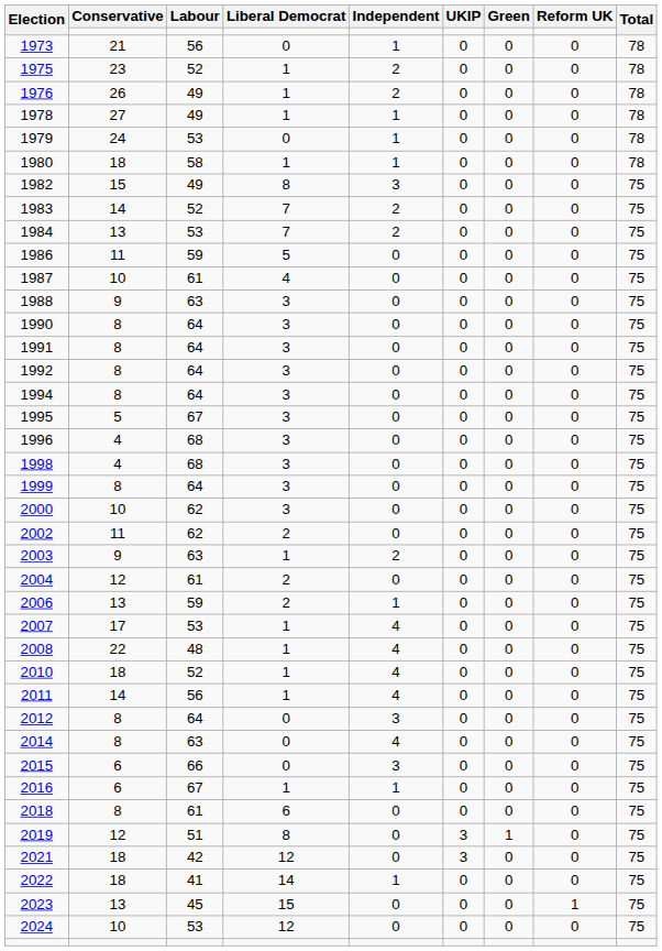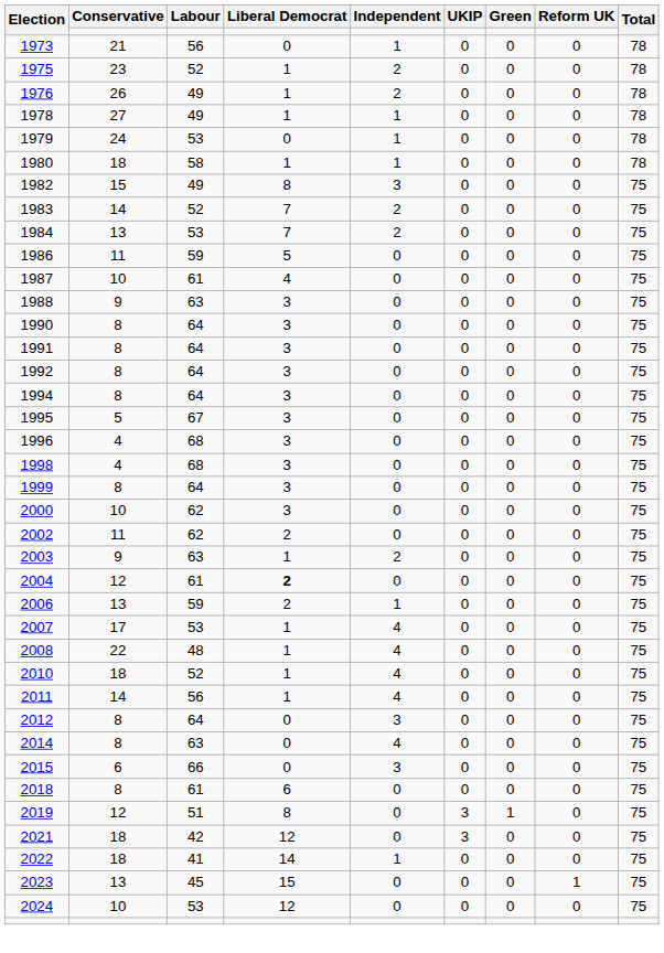 <table class="wikitable" style="text-align: center">
 <tr>
 <th rowspan="2">Election</th>
 <th>Conservative</th>
 <th>Labour</th>
 <th>Liberal Democrat</th>
 <th>Independent</th>
 <th>UKIP</th>
 <th>Green</th>
 <th>Reform UK</th>
 <th rowspan="2">Total</th>
 </tr>
 <tr>
 <td style="background-color: "></td>
 <td style="background-color: "></td>
 <td style="background-color: "></td>
 <td style="background-color: "></td>
 <td style="background-color: "></td>
 <td style="background-color: "></td>
 <td style="background-color: "></td>
 </tr>
 <tr>
 <td><a href='#'>1973</a></td>
 <td>21</td>
 <td>56</td>
 <td>0</td>
 <td>1</td>
 <td>0</td>
 <td>0</td>
 <td>0</td>
 <td>78</td>
 </tr>
 <tr>
 <td><a href='#'>1975</a></td>
 <td>23</td>
 <td>52</td>
 <td>1</td>
 <td>2</td>
 <td>0</td>
 <td>0</td>
 <td>0</td>
 <td>78</td>
 </tr>
 <tr>
 <td><a href='#'>1976</a></td>
 <td>26</td>
 <td>49</td>
 <td>1</td>
 <td>2</td>
 <td>0</td>
 <td>0</td>
 <td>0</td>
 <td>78</td>
 </tr>
 <tr>
 <td>1978</td>
 <td>27</td>
 <td>49</td>
 <td>1</td>
 <td>1</td>
 <td>0</td>
 <td>0</td>
 <td>0</td>
 <td>78</td>
 </tr>
 <tr>
 <td>1979</td>
 <td>24</td>
 <td>53</td>
 <td>0</td>
 <td>1</td>
 <td>0</td>
 <td>0</td>
 <td>0</td>
 <td>78</td>
 </tr>
 <tr>
 <td>1980</td>
 <td>18</td>
 <td>58</td>
 <td>1</td>
 <td>1</td>
 <td>0</td>
 <td>0</td>
 <td>0</td>
 <td>78</td>
 </tr>
 <tr>
 <td>1982</td>
 <td>15</td>
 <td>49</td>
 <td>8</td>
 <td>3</td>
 <td>0</td>
 <td>0</td>
 <td>0</td>
 <td>75</td>
 </tr>
 <tr>
 <td>1983</td>
 <td>14</td>
 <td>52</td>
 <td>7</td>
 <td>2</td>
 <td>0</td>
 <td>0</td>
 <td>0</td>
 <td>75</td>
 </tr>
 <tr>
 <td>1984</td>
 <td>13</td>
 <td>53</td>
 <td>7</td>
 <td>2</td>
 <td>0</td>
 <td>0</td>
 <td>0</td>
 <td>75</td>
 </tr>
 <tr>
 <td>1986</td>
 <td>11</td>
 <td>59</td>
 <td>5</td>
 <td>0</td>
 <td>0</td>
 <td>0</td>
 <td>0</td>
 <td>75</td>
 </tr>
 <tr>
 <td>1987</td>
 <td>10</td>
 <td>61</td>
 <td>4</td>
 <td>0</td>
 <td>0</td>
 <td>0</td>
 <td>0</td>
 <td>75</td>
 </tr>
 <tr>
 <td>1988</td>
 <td>9</td>
 <td>63</td>
 <td>3</td>
 <td>0</td>
 <td>0</td>
 <td>0</td>
 <td>0</td>
 <td>75</td>
 </tr>
 <tr>
 <td>1990</td>
 <td>8</td>
 <td>64</td>
 <td>3</td>
 <td>0</td>
 <td>0</td>
 <td>0</td>
 <td>0</td>
 <td>75</td>
 </tr>
 <tr>
 <td>1991</td>
 <td>8</td>
 <td>64</td>
 <td>3</td>
 <td>0</td>
 <td>0</td>
 <td>0</td>
 <td>0</td>
 <td>75</td>
 </tr>
 <tr>
 <td>1992</td>
 <td>8</td>
 <td>64</td>
 <td>3</td>
 <td>0</td>
 <td>0</td>
 <td>0</td>
 <td>0</td>
 <td>75</td>
 </tr>
 <tr>
 <td>1994</td>
 <td>8</td>
 <td>64</td>
 <td>3</td>
 <td>0</td>
 <td>0</td>
 <td>0</td>
 <td>0</td>
 <td>75</td>
 </tr>
 <tr>
 <td>1995</td>
 <td>5</td>
 <td>67</td>
 <td>3</td>
 <td>0</td>
 <td>0</td>
 <td>0</td>
 <td>0</td>
 <td>75</td>
 </tr>
 <tr>
 <td>1996</td>
 <td>4</td>
 <td>68</td>
 <td>3</td>
 <td>0</td>
 <td>0</td>
 <td>0</td>
 <td>0</td>
 <td>75</td>
 </tr>
 <tr>
 <td><a href='#'>1998</a></td>
 <td>4</td>
 <td>68</td>
 <td>3</td>
 <td>0</td>
 <td>0</td>
 <td>0</td>
 <td>0</td>
 <td>75</td>
 </tr>
 <tr>
 <td><a href='#'>1999</a></td>
 <td>8</td>
 <td>64</td>
 <td>3</td>
 <td>0</td>
 <td>0</td>
 <td>0</td>
 <td>0</td>
 <td>75</td>
 </tr>
 <tr>
 <td><a href='#'>2000</a></td>
 <td>10</td>
 <td>62</td>
 <td>3</td>
 <td>0</td>
 <td>0</td>
 <td>0</td>
 <td>0</td>
 <td>75</td>
 </tr>
 <tr>
 <td><a href='#'>2002</a></td>
 <td>11</td>
 <td>62</td>
 <td>2</td>
 <td>0</td>
 <td>0</td>
 <td>0</td>
 <td>0</td>
 <td>75</td>
 </tr>
 <tr>
 <td><a href='#'>2003</a></td>
 <td>9</td>
 <td>63</td>
 <td>1</td>
 <td>2</td>
 <td>0</td>
 <td>0</td>
 <td>0</td>
 <td>75</td>
 </tr>
 <tr>
 <td><a href='#'>2004</a></td>
 <td>12</td>
 <td>61</td>
-<td>2</td>
+<td><strong>2</strong></td>
 <td>0</td>
 <td>0</td>
 <td>0</td>
 <td>0</td>
 <td>75</td>
 </tr>
 <tr>
 <td><a href='#'>2006</a></td>
 <td>13</td>
 <td>59</td>
 <td>2</td>
 <td>1</td>
 <td>0</td>
 <td>0</td>
 <td>0</td>
 <td>75</td>
 </tr>
 <tr>
 <td><a href='#'>2007</a></td>
 <td>17</td>
 <td>53</td>
 <td>1</td>
 <td>4</td>
 <td>0</td>
 <td>0</td>
 <td>0</td>
 <td>75</td>
 </tr>
 <tr>
 <td><a href='#'>2008</a></td>
 <td>22</td>
 <td>48</td>
 <td>1</td>
 <td>4</td>
 <td>0</td>
 <td>0</td>
 <td>0</td>
 <td>75</td>
 </tr>
 <tr>
 <td><a href='#'>2010</a></td>
 <td>18</td>
 <td>52</td>
 <td>1</td>
 <td>4</td>
 <td>0</td>
 <td>0</td>
 <td>0</td>
 <td>75</td>
 </tr>
 <tr>
 <td><a href='#'>2011</a></td>
 <td>14</td>
 <td>56</td>
 <td>1</td>
 <td>4</td>
 <td>0</td>
 <td>0</td>
 <td>0</td>
 <td>75</td>
 </tr>
 <tr>
 <td><a href='#'>2012</a></td>
 <td>8</td>
 <td>64</td>
 <td>0</td>
 <td>3</td>
 <td>0</td>
 <td>0</td>
 <td>0</td>
 <td>75</td>
 </tr>
 <tr>
 <td><a href='#'>2014</a></td>
 <td>8</td>
 <td>63</td>
 <td>0</td>
 <td>4</td>
 <td>0</td>
 <td>0</td>
 <td>0</td>
 <td>75</td>
 </tr>
 <tr>
 <td><a href='#'>2015</a></td>
 <td>6</td>
 <td>66</td>
 <td>0</td>
 <td>3</td>
 <td>0</td>
 <td>0</td>
 <td>0</td>
 <td>75</td>
 </tr>
 <tr>
-<td><a href='#'>2016</a></td>
-<td>6</td>
-<td>67</td>
-<td>1</td>
-<td>1</td>
-<td>0</td>
-<td>0</td>
-<td>0</td>
-<td>75</td>
-</tr>
-<tr>
 <td><a href='#'>2018</a></td>
 <td>8</td>
 <td>61</td>
 <td>6</td>
 <td>0</td>
 <td>0</td>
 <td>0</td>
 <td>0</td>
 <td>75</td>
 </tr>
 <tr>
 <td><a href='#'>2019</a></td>
 <td>12</td>
 <td>51</td>
 <td>8</td>
 <td>0</td>
 <td>3</td>
 <td>1</td>
 <td>0</td>
 <td>75</td>
 </tr>
 <tr>
 <td><a href='#'>2021</a></td>
 <td>18</td>
 <td>42</td>
 <td>12</td>
 <td>0</td>
 <td>3</td>
 <td>0</td>
 <td>0</td>
 <td>75</td>
 </tr>
 <tr>
 <td><a href='#'>2022</a></td>
 <td>18</td>
 <td>41</td>
 <td>14</td>
 <td>1</td>
 <td>0</td>
 <td>0</td>
 <td>0</td>
 <td>75</td>
 </tr>
 <tr>
 <td><a href='#'>2023</a></td>
 <td>13</td>
 <td>45</td>
 <td>15</td>
 <td>0</td>
 <td>0</td>
 <td>0</td>
 <td>1</td>
 <td>75</td>
 </tr>
 <tr>
 <td><a href='#'>2024</a></td>
 <td>10</td>
 <td>53</td>
 <td>12</td>
 <td>0</td>
 <td>0</td>
 <td>0</td>
 <td>0</td>
 <td>75</td>
 </tr>
 <tr>
 <td></td>
 <td style="background-color: "></td>
 <td style="background-color: "></td>
 <td style="background-color: "></td>
 <td style="background-color: "></td>
 <td style="background-color: "></td>
 <td style="background-color: "></td>
 <td style="background-color: "></td>
 <td></td>
 </tr>
 </table>
